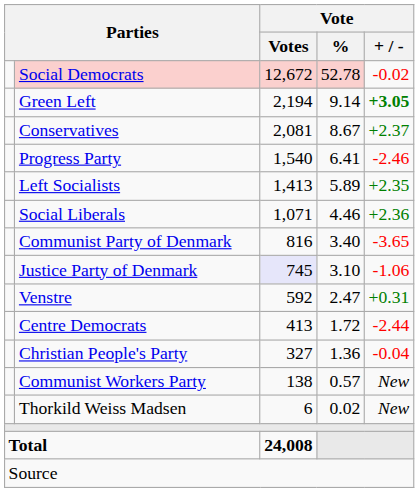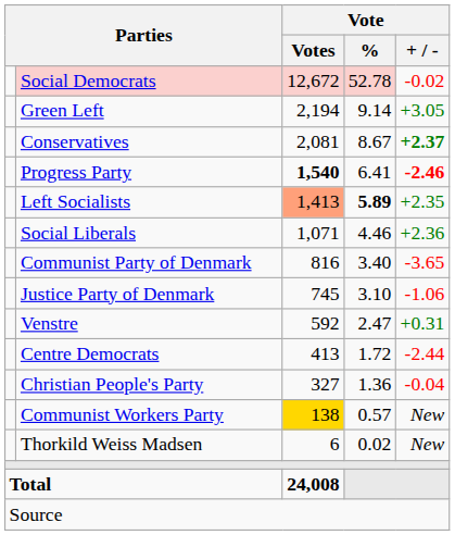 <table class="wikitable" style="text-align:right;">
 <tr>
 <th style="text-align:centre;" rowspan="2" colspan="2" width="225">Parties</th>
 <th colspan="3">Vote</th>
 </tr>
 <tr>
 <th width="15">Votes</th>
 <th width="15">%</th>
 <th width="15">+ / -</th>
 </tr>
 <tr>
 <td width="2" style="color:inherit;background:"></td>
 <td bgcolor=#fbd0ce  align="left"><a href='#'>Social Democrats</a></td>
 <td bgcolor=#fbd0ce>12,672</td>
 <td bgcolor=#fbd0ce>52.78</td>
 <td style=color:red;>-0.02</td>
 </tr>
 <tr>
 <td width="2" style="color:inherit;background:"></td>
 <td align="left"><a href='#'>Green Left</a></td>
 <td>2,194</td>
 <td>9.14</td>
-<td style=color:green;><strong>+3.05</strong></td>
+<td style=color:green;>+3.05</td>
 </tr>
 <tr>
 <td width="2" style="color:inherit;background:"></td>
 <td align="left"><a href='#'>Conservatives</a></td>
 <td>2,081</td>
 <td>8.67</td>
-<td style=color:green;>+2.37</td>
+<td style=color:green;><strong>+2.37</strong></td>
 </tr>
 <tr>
 <td width="2" style="color:inherit;background:"></td>
 <td align="left"><a href='#'>Progress Party</a></td>
-<td>1,540</td>
+<td><strong>1,540</strong></td>
 <td>6.41</td>
-<td style=color:red;>-2.46</td>
+<td style=color:red;><strong>-2.46</strong></td>
 </tr>
 <tr>
 <td width="2" style="color:inherit;background:"></td>
 <td align="left"><a href='#'>Left Socialists</a></td>
-<td>1,413</td>
-<td>5.89</td>
+<td style="background: lightsalmon;">1,413</td>
+<td><strong>5.89</strong></td>
 <td style=color:green;>+2.35</td>
 </tr>
 <tr>
 <td width="2" style="color:inherit;background:"></td>
 <td align="left"><a href='#'>Social Liberals</a></td>
 <td>1,071</td>
 <td>4.46</td>
 <td style=color:green;>+2.36</td>
 </tr>
 <tr>
 <td width="2" style="color:inherit;background:"></td>
 <td align="left"><a href='#'>Communist Party of Denmark</a></td>
 <td>816</td>
 <td>3.40</td>
 <td style=color:red;>-3.65</td>
 </tr>
 <tr>
 <td width="2" style="color:inherit;background:"></td>
 <td align="left"><a href='#'>Justice Party of Denmark</a></td>
-<td style="background: lavender;">745</td>
+<td>745</td>
 <td>3.10</td>
 <td style=color:red;>-1.06</td>
 </tr>
 <tr>
 <td width="2" style="color:inherit;background:"></td>
 <td align="left"><a href='#'>Venstre</a></td>
 <td>592</td>
 <td>2.47</td>
 <td style=color:green;>+0.31</td>
 </tr>
 <tr>
 <td width="2" style="color:inherit;background:"></td>
 <td align="left"><a href='#'>Centre Democrats</a></td>
 <td>413</td>
 <td>1.72</td>
 <td style=color:red;>-2.44</td>
 </tr>
 <tr>
 <td width="2" style="color:inherit;background:"></td>
 <td align="left"><a href='#'>Christian People's Party</a></td>
 <td>327</td>
 <td>1.36</td>
 <td style=color:red;>-0.04</td>
 </tr>
 <tr>
 <td width="2" style="color:inherit;background:"></td>
 <td align="left"><a href='#'>Communist Workers Party</a></td>
-<td>138</td>
+<td style="background: gold;">138</td>
 <td>0.57</td>
 <td><em>New</em></td>
 </tr>
 <tr>
 <td width="2" style="color:inherit;background:"></td>
 <td align="left">Thorkild Weiss Madsen</td>
 <td>6</td>
 <td>0.02</td>
 <td><em>New</em></td>
 </tr>
 <tr>
 <td colspan="7" bgcolor="#E9E9E9"></td>
 </tr>
 <tr>
 <td align="left" colspan="2"><strong>Total</strong></td>
 <td><strong>24,008</strong></td>
 <td bgcolor="#E9E9E9" colspan="2"></td>
 </tr>
 <tr>
 <td align="left" colspan="6">Source</td>
 </tr>
 </table>
